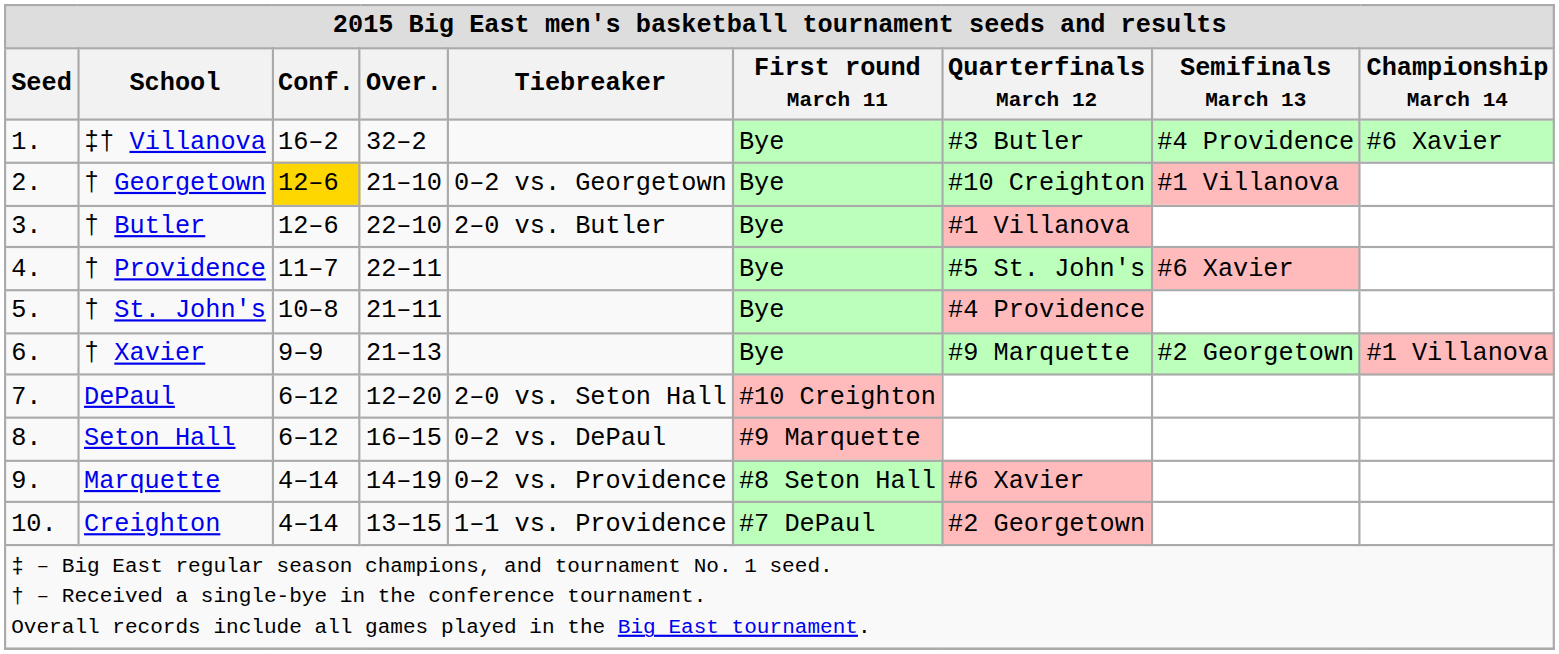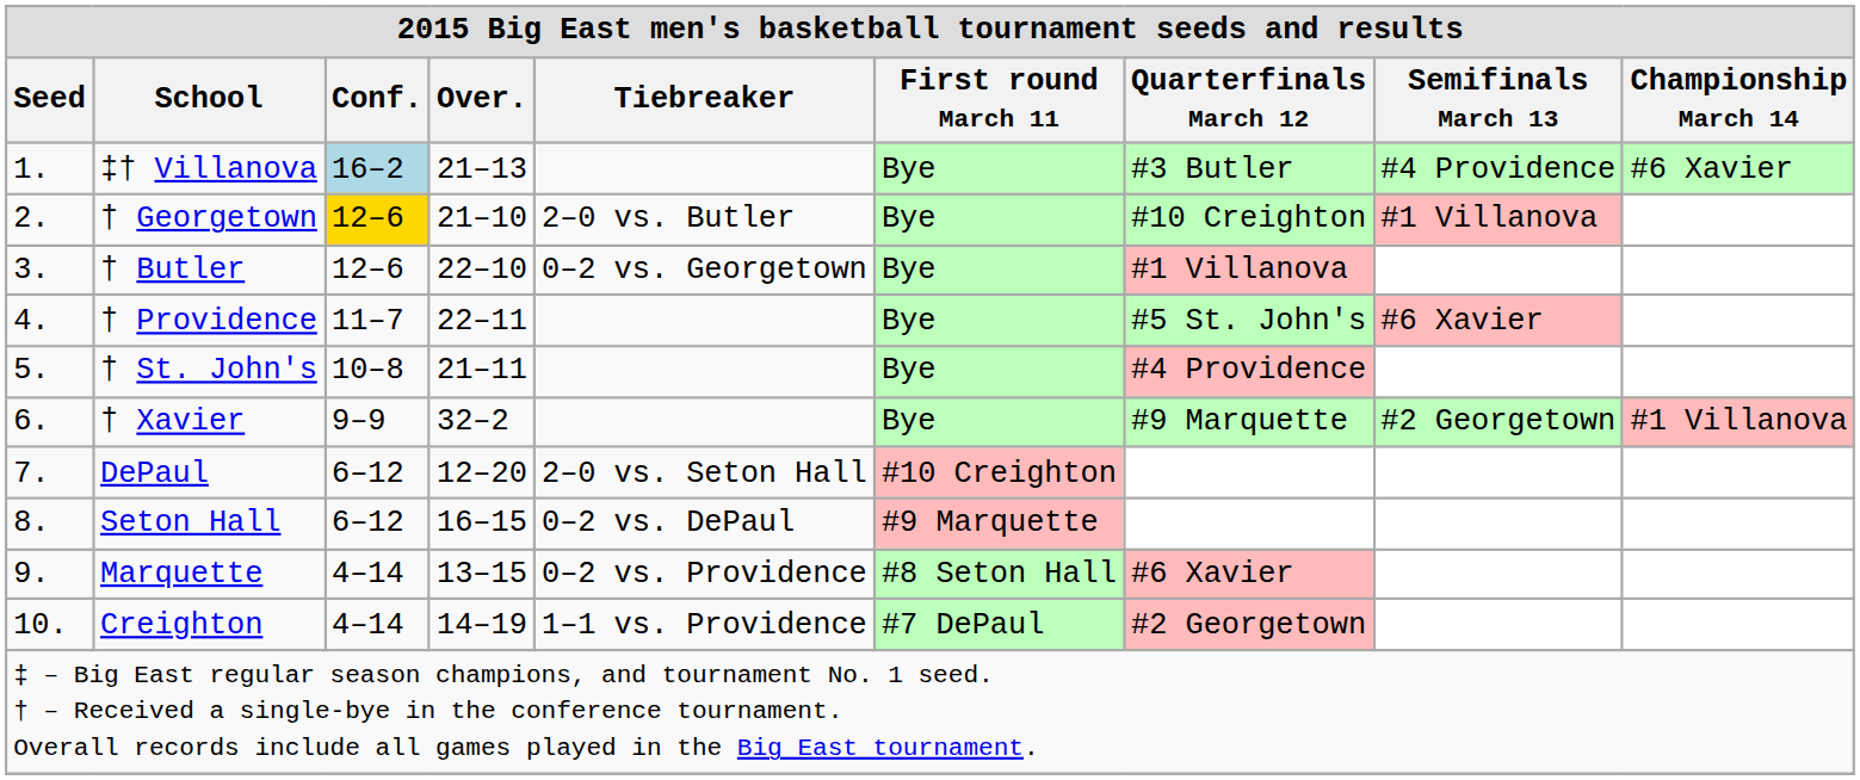 <table class="wikitable" style="white-space:nowrap; font-size:90%;">
 <tr>
 <td colspan="10" style="text-align:center; background:#DDDDDD; font:#000000"><strong>2015 Big East men's basketball tournament seeds and results</strong></td>
 </tr>
 <tr bgcolor="#efefef">
 <th>Seed</th>
 <th>School</th>
 <th>Conf.</th>
 <th>Over.</th>
 <th>Tiebreaker</th>
 <th>First round<br><small>March 11</small></th>
 <th>Quarterfinals<br><small>March 12</small></th>
 <th>Semifinals<br><small>March 13</small></th>
 <th>Championship<br><small>March 14</small></th>
 </tr>
 <tr>
 <td>1.</td>
 <td>‡† <a href='#'>Villanova</a></td>
-<td>16–2</td>
-<td>32–2</td>
+<td style="background: lightblue;">16–2</td>
+<td>21–13</td>
 <td></td>
 <td style="background:#bfb;">Bye</td>
 <td style="background:#bfb;">#3 Butler</td>
 <td style="background:#bfb;">#4 Providence</td>
 <td style="background:#bfb;">#6 Xavier</td>
 </tr>
 <tr>
 <td>2.</td>
 <td>† <a href='#'>Georgetown</a></td>
 <td style="background: gold;">12–6</td>
 <td>21–10</td>
-<td>0–2 vs. Georgetown</td>
+<td>2–0 vs. Butler</td>
 <td style="background:#bfb;">Bye</td>
 <td style="background:#bfb;">#10 Creighton</td>
 <td style="background:#fbb;">#1 Villanova</td>
 <td style="background:#fff;"></td>
 </tr>
 <tr>
 <td>3.</td>
 <td>† <a href='#'>Butler</a></td>
 <td>12–6</td>
 <td>22–10</td>
-<td>2–0 vs. Butler</td>
+<td>0–2 vs. Georgetown</td>
 <td style="background:#bfb;">Bye</td>
 <td style="background:#fbb;">#1 Villanova</td>
 <td style="background:#fff;"></td>
 <td style="background:#fff;"></td>
 </tr>
 <tr>
 <td>4.</td>
 <td>† <a href='#'>Providence</a></td>
 <td>11–7</td>
 <td>22–11</td>
 <td></td>
 <td style="background:#bfb;">Bye</td>
 <td style="background:#bfb;">#5 St. John's</td>
 <td style="background:#fbb;">#6 Xavier</td>
 <td style="background:#fff;"></td>
 </tr>
 <tr>
 <td>5.</td>
 <td>† <a href='#'>St. John's</a></td>
 <td>10–8</td>
 <td>21–11</td>
 <td></td>
 <td style="background:#bfb;">Bye</td>
 <td style="background:#fbb;">#4 Providence</td>
 <td style="background:#fff;"></td>
 <td style="background:#fff;"></td>
 </tr>
 <tr>
 <td>6.</td>
 <td>† <a href='#'>Xavier</a></td>
 <td>9–9</td>
-<td>21–13</td>
+<td>32–2</td>
 <td></td>
 <td style="background:#bfb;">Bye</td>
 <td style="background:#bfb;">#9 Marquette</td>
 <td style="background:#bfb;">#2 Georgetown</td>
 <td style="background:#fbb;">#1 Villanova</td>
 </tr>
 <tr>
 <td>7.</td>
 <td><a href='#'>DePaul</a></td>
 <td>6–12</td>
 <td>12–20</td>
 <td>2–0 vs. Seton Hall</td>
 <td style="background:#fbb;">#10 Creighton</td>
 <td style="background:#fff;"></td>
 <td style="background:#fff;"></td>
 <td style="background:#fff;"></td>
 </tr>
 <tr>
 <td>8.</td>
 <td><a href='#'>Seton Hall</a></td>
 <td>6–12</td>
 <td>16–15</td>
 <td>0–2 vs. DePaul</td>
 <td style="background:#fbb;">#9 Marquette</td>
 <td style="background:#fff;"></td>
 <td style="background:#fff;"></td>
 <td style="background:#fff;"></td>
 </tr>
 <tr>
 <td>9.</td>
 <td><a href='#'>Marquette</a></td>
 <td>4–14</td>
-<td>14–19</td>
+<td>13–15</td>
 <td>0–2 vs. Providence</td>
 <td style="background:#bfb;">#8 Seton Hall</td>
 <td style="background:#fbb;">#6 Xavier</td>
 <td style="background:#fff;"></td>
 <td style="background:#fff;"></td>
 </tr>
 <tr>
 <td>10.</td>
 <td><a href='#'>Creighton</a></td>
 <td>4–14</td>
-<td>13–15</td>
+<td>14–19</td>
 <td>1–1 vs. Providence</td>
 <td style="background:#bfb;">#7 DePaul</td>
 <td style="background:#fbb;">#2 Georgetown</td>
 <td style="background:#fff;"></td>
 <td style="background:#fff;"></td>
 </tr>
 <tr>
 <td colspan="10" style="text-align:left;"><small>‡ – Big East regular season champions, and tournament No. 1 seed.<br>† – Received a single-bye in the conference tournament.<br>Overall records include all games played in the <a href='#'>Big East tournament</a>.</small></td>
 </tr>
 <tr>
 </tr>
 </table>
